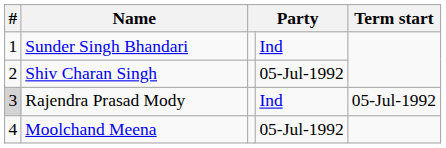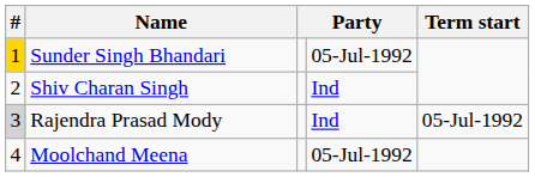 <table class="wikitable">
 <tr>
 <th>#</th>
 <th style="width:200px">Name</th>
 <th colspan="2">Party</th>
 <th>Term start</th>
 </tr>
 <tr>
-<td>1</td>
+<td style="background: gold;">1</td>
 <td><a href='#'>Sunder Singh Bhandari</a></td>
 <td></td>
-<td><a href='#'>Ind</a></td>
+<td>05-Jul-1992</td>
 </tr>
 <tr>
 <td>2</td>
 <td><a href='#'>Shiv Charan Singh</a></td>
 <td></td>
-<td>05-Jul-1992</td>
+<td><a href='#'>Ind</a></td>
 </tr>
 <tr>
 <td style="background: lightgrey;">3</td>
 <td>Rajendra Prasad Mody</td>
 <td style="background-color: "></td>
 <td><a href='#'>Ind</a></td>
 <td>05-Jul-1992</td>
 </tr>
 <tr>
 <td>4</td>
 <td><a href='#'>Moolchand Meena</a></td>
 <td></td>
 <td>05-Jul-1992</td>
 </tr>
 </table>
